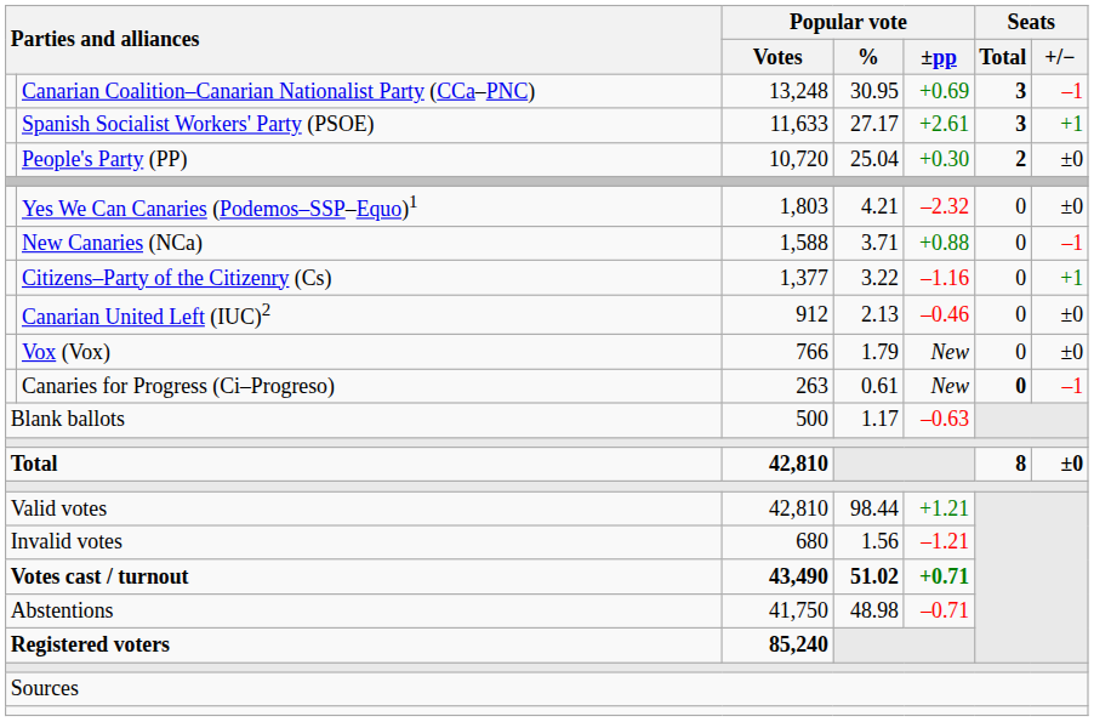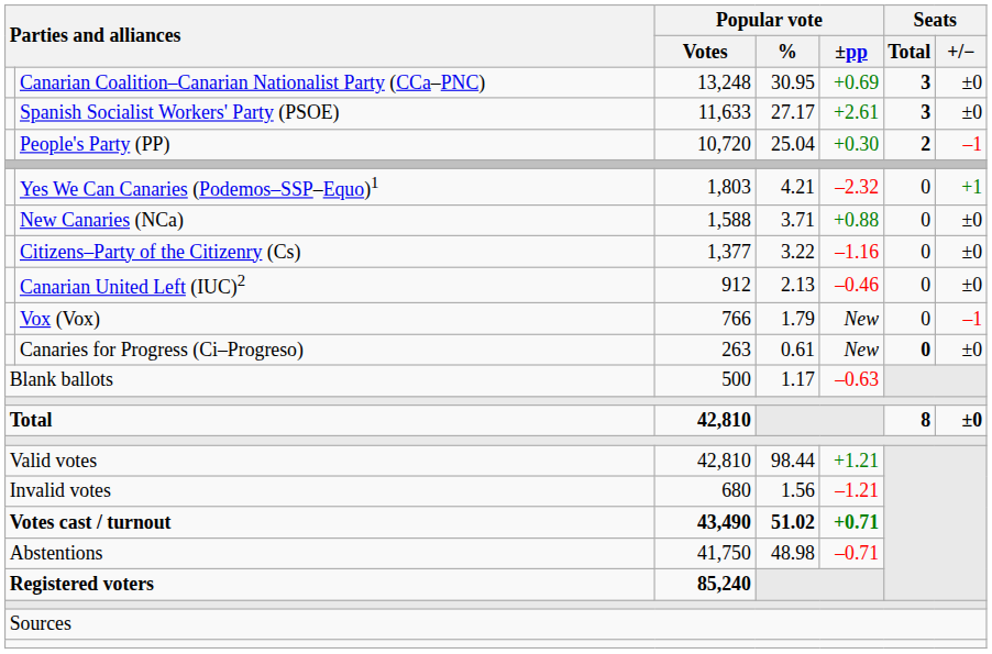 <table class="wikitable" style="text-align:right;">
 <tr>
 <th style="text-align:left;" rowspan="2" colspan="2" width="525">Parties and alliances</th>
 <th colspan="3">Popular vote</th>
 <th colspan="2">Seats</th>
 </tr>
 <tr>
 <th width="75">Votes</th>
 <th width="45">%</th>
 <th width="45">±<a href='#'>pp</a></th>
 <th width="35">Total</th>
 <th width="35">+/−</th>
 </tr>
 <tr>
 <td width="1" style="color:inherit;background:"></td>
 <td align="left"><a href='#'>Canarian Coalition–Canarian Nationalist Party</a> (<a href='#'>CCa</a>–<a href='#'>PNC</a>)</td>
 <td>13,248</td>
 <td>30.95</td>
 <td style="color:green;">+0.69</td>
 <td><strong>3</strong></td>
-<td style="color:red;">–1</td>
+<td>±0</td>
 </tr>
 <tr>
 <td style="color:inherit;background:"></td>
 <td align="left"><a href='#'>Spanish Socialist Workers' Party</a> (PSOE)</td>
 <td>11,633</td>
 <td>27.17</td>
 <td style="color:green;">+2.61</td>
 <td><strong>3</strong></td>
-<td style="color:green;">+1</td>
+<td>±0</td>
 </tr>
 <tr>
 <td style="color:inherit;background:"></td>
 <td align="left"><a href='#'>People's Party</a> (PP)</td>
 <td>10,720</td>
 <td>25.04</td>
 <td style="color:green;">+0.30</td>
 <td><strong>2</strong></td>
-<td>±0</td>
+<td style="color:red;">–1</td>
 </tr>
 <tr>
 <td colspan="7" bgcolor="#C0C0C0"></td>
 </tr>
 <tr>
 <td style="color:inherit;background:"></td>
 <td align="left"><a href='#'>Yes We Can Canaries</a> (<a href='#'>Podemos–SSP</a>–<a href='#'>Equo</a>)<sup>1</sup></td>
 <td>1,803</td>
 <td>4.21</td>
 <td style="color:red;">–2.32</td>
 <td>0</td>
-<td>±0</td>
+<td style="color:green;">+1</td>
 </tr>
 <tr>
 <td style="color:inherit;background:"></td>
 <td align="left"><a href='#'>New Canaries</a> (NCa)</td>
 <td>1,588</td>
 <td>3.71</td>
 <td style="color:green;">+0.88</td>
 <td>0</td>
-<td style="color:red;">–1</td>
+<td>±0</td>
 </tr>
 <tr>
 <td style="color:inherit;background:"></td>
 <td align="left"><a href='#'>Citizens–Party of the Citizenry</a> (Cs)</td>
 <td>1,377</td>
 <td>3.22</td>
 <td style="color:red;">–1.16</td>
 <td>0</td>
-<td style="color:green;">+1</td>
+<td>±0</td>
 </tr>
 <tr>
 <td style="color:inherit;background:"></td>
 <td align="left"><a href='#'>Canarian United Left</a> (IUC)<sup>2</sup></td>
 <td>912</td>
 <td>2.13</td>
 <td style="color:red;">–0.46</td>
 <td>0</td>
 <td>±0</td>
 </tr>
 <tr>
 <td style="color:inherit;background:"></td>
 <td align="left"><a href='#'>Vox</a> (Vox)</td>
 <td>766</td>
 <td>1.79</td>
 <td><em>New</em></td>
 <td>0</td>
-<td>±0</td>
+<td style="color:red;">–1</td>
 </tr>
 <tr>
 <td style="color:inherit;background:"></td>
 <td align="left">Canaries for Progress (Ci–Progreso)</td>
 <td>263</td>
 <td>0.61</td>
 <td><em>New</em></td>
 <td><strong>0</strong></td>
-<td style="color:red;">–1</td>
+<td>±0</td>
 </tr>
 <tr>
 <td align="left" colspan="2">Blank ballots</td>
 <td>500</td>
 <td>1.17</td>
 <td style="color:red;">–0.63</td>
 <td bgcolor="#E9E9E9" colspan="2"></td>
 </tr>
 <tr>
 <td colspan="7" bgcolor="#E9E9E9"></td>
 </tr>
 <tr style="font-weight:bold;">
 <td align="left" colspan="2">Total</td>
 <td>42,810</td>
 <td bgcolor="#E9E9E9" colspan="2"></td>
 <td>8</td>
 <td>±0</td>
 </tr>
 <tr>
 <td colspan="7" bgcolor="#E9E9E9"></td>
 </tr>
 <tr>
 <td align="left" colspan="2">Valid votes</td>
 <td>42,810</td>
 <td>98.44</td>
 <td style="color:green;">+1.21</td>
 <td bgcolor="#E9E9E9" colspan="2" rowspan="5"></td>
 </tr>
 <tr>
 <td align="left" colspan="2">Invalid votes</td>
 <td>680</td>
 <td>1.56</td>
 <td style="color:red;">–1.21</td>
 </tr>
 <tr style="font-weight:bold;">
 <td align="left" colspan="2">Votes cast / turnout</td>
 <td>43,490</td>
 <td>51.02</td>
 <td style="color:green;">+0.71</td>
 </tr>
 <tr>
 <td align="left" colspan="2">Abstentions</td>
 <td>41,750</td>
 <td>48.98</td>
 <td style="color:red;">–0.71</td>
 </tr>
 <tr style="font-weight:bold;">
 <td align="left" colspan="2">Registered voters</td>
 <td>85,240</td>
 <td bgcolor="#E9E9E9" colspan="2"></td>
 </tr>
 <tr>
 <td colspan="7" bgcolor="#E9E9E9"></td>
 </tr>
 <tr>
 <td align="left" colspan="7">Sources</td>
 </tr>
 <tr>
 <td colspan="9" style="text-align:left;font-size:95%;max-width:790px;"></td>
 </tr>
 </table>
